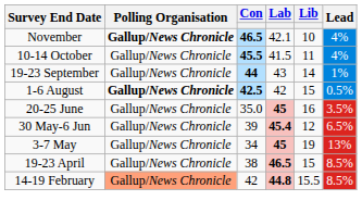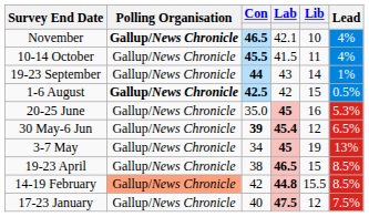 <table class="wikitable" style="text-align: center; line-height: 14px; font-size: 95%;">
 <tr>
 <th rowspan="2">Survey End Date</th>
 <th rowspan="2">Polling Organisation</th>
 <th><a href='#'>Con</a></th>
 <th><a href='#'>Lab</a></th>
 <th><a href='#'>Lib</a></th>
 <th rowspan="2">Lead</th>
 </tr>
 <tr>
 <th style="background:"></th>
 <th style="background:"></th>
 <th style="background:"></th>
 </tr>
 <tr>
 <td>November</td>
 <td><strong>Gallup/<em>News Chronicle</em></strong></td>
 <td style="background:#B3E0FF"><strong>46.5</strong></td>
 <td>42.1</td>
 <td>10</td>
 <td style="background:#0084dd; color:white;">4%</td>
 </tr>
 <tr>
 <td>10-14 October</td>
 <td>Gallup/<em>News Chronicle</em></td>
 <td style="background:#B3E0FF"><strong>45.5</strong></td>
 <td>41.5</td>
 <td>11</td>
 <td style="background:#0084dd; color:white;">4%</td>
 </tr>
 <tr>
 <td>19-23 September</td>
 <td>Gallup/<em>News Chronicle</em></td>
 <td style="background:#B3E0FF"><strong>44</strong></td>
 <td>43</td>
 <td>14</td>
 <td style="background:#0084dd; color:white;">1%</td>
 </tr>
 <tr>
 <td>1-6 August</td>
 <td><strong>Gallup/<em>News Chronicle</em></strong></td>
 <td style="background:#B3E0FF"><strong>42.5</strong></td>
 <td>42</td>
 <td>15</td>
 <td style="background:#0084dd; color:white;">0.5%</td>
 </tr>
 <tr>
 <td>20-25 June</td>
 <td>Gallup/<em>News Chronicle</em></td>
 <td>35.0</td>
 <td style="background:#F8C1BE"><strong>45</strong></td>
 <td>16</td>
-<td style="background:#DC241f; color:white;">3.5%</td>
+<td style="background:#DC241f; color:white;">5.3%</td>
 </tr>
 <tr>
 <td>30 May-6 Jun</td>
 <td>Gallup/<em>News Chronicle</em></td>
-<td>39</td>
+<td><strong>39</strong></td>
 <td style="background:#F8C1BE"><strong>45.4</strong></td>
 <td>12</td>
 <td style="background:#DC241f; color:white;">6.5%</td>
 </tr>
 <tr>
 <td>3-7 May</td>
 <td>Gallup/<em>News Chronicle</em></td>
 <td>34</td>
 <td style="background:#F8C1BE"><strong>45</strong></td>
 <td>19</td>
 <td style="background:#DC241f; color:white;">13%</td>
 </tr>
 <tr>
 <td>19-23 April</td>
 <td>Gallup/<em>News Chronicle</em></td>
 <td>38</td>
 <td style="background:#F8C1BE"><strong>46.5</strong></td>
 <td>15</td>
 <td style="background:#DC241f; color:white;">8.5%</td>
 </tr>
 <tr>
 <td>14-19 February</td>
 <td style="background: lightsalmon;">Gallup/<em>News Chronicle</em></td>
 <td>42</td>
 <td style="background:#F8C1BE"><strong>44.8</strong></td>
 <td>15.5</td>
 <td style="background:#DC241f; color:white;">8.5%</td>
 </tr>
+<tr>
+<td>17-23 January</td>
+<td>Gallup/<em>News Chronicle</em></td>
+<td>40</td>
+<td style="background:#F8C1BE"><strong>47.5</strong></td>
+<td>12</td>
+<td style="background:#DC241f; color:white;">7.5%</td>
+</tr>
 </table>
